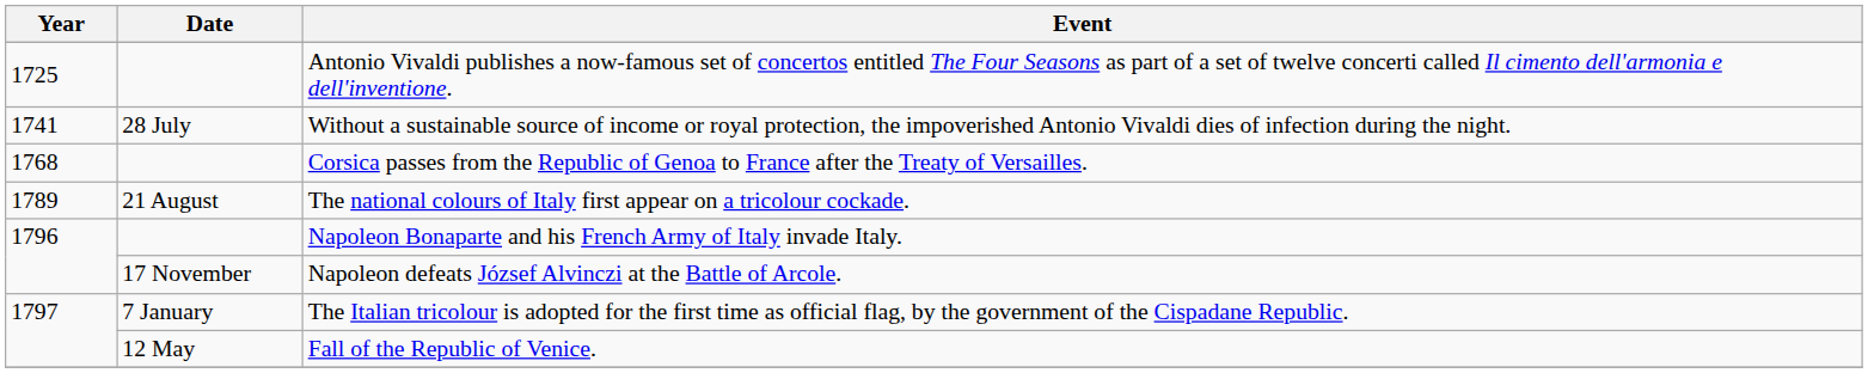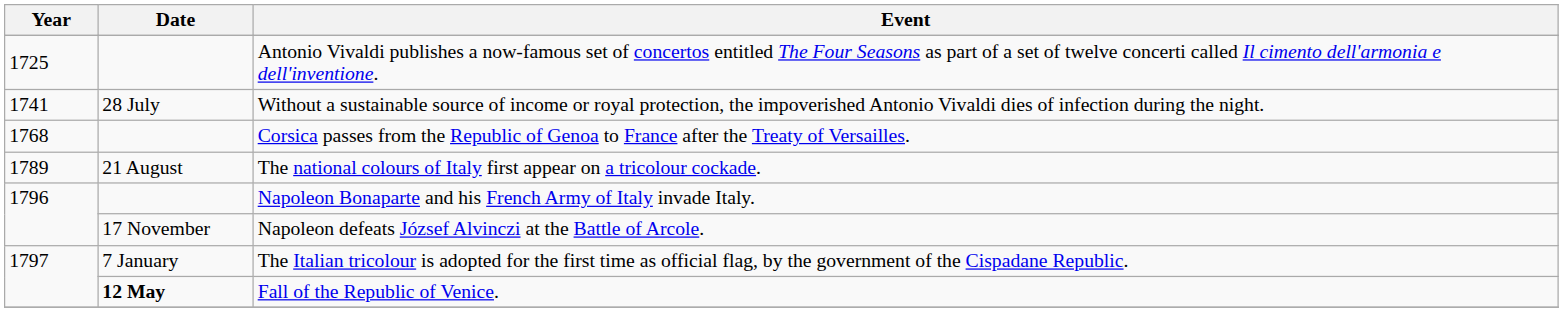 <table class="wikitable" width="100%">
 <tr>
 <th style="width:6%">Year</th>
 <th style="width:10%">Date</th>
 <th>Event</th>
 </tr>
 <tr>
 </tr>
 <tr>
 <td>1725</td>
 <td></td>
 <td>Antonio Vivaldi publishes a now-famous set of <a href='#'>concertos</a> entitled <em><a href='#'>The Four Seasons</a></em> as part of a set of twelve concerti called <em><a href='#'>Il cimento dell'armonia e dell'inventione</a></em>.</td>
 </tr>
 <tr>
 <td>1741</td>
 <td>28 July</td>
 <td>Without a sustainable source of income or royal protection, the impoverished Antonio Vivaldi dies of infection during the night.</td>
 </tr>
 <tr>
 <td>1768</td>
 <td></td>
 <td><a href='#'>Corsica</a> passes from the <a href='#'>Republic of Genoa</a> to <a href='#'>France</a> after the <a href='#'>Treaty of Versailles</a>.</td>
 </tr>
 <tr>
 <td>1789</td>
 <td>21 August</td>
 <td>The <a href='#'>national colours of Italy</a> first appear on <a href='#'>a tricolour cockade</a>.</td>
 </tr>
 <tr>
 <td rowspan="2" valign="top">1796</td>
 <td></td>
 <td><a href='#'>Napoleon Bonaparte</a> and his <a href='#'>French Army of Italy</a> invade Italy.</td>
 </tr>
 <tr>
 <td>17 November</td>
 <td>Napoleon defeats <a href='#'>József Alvinczi</a> at the <a href='#'>Battle of Arcole</a>.</td>
 </tr>
 <tr>
 <td rowspan="2" valign="top">1797</td>
 <td>7 January</td>
 <td>The <a href='#'>Italian tricolour</a> is adopted for the first time as official flag, by the government of the <a href='#'>Cispadane Republic</a>.</td>
 </tr>
 <tr>
-<td>12 May</td>
+<td><strong>12 May</strong></td>
 <td><a href='#'>Fall of the Republic of Venice</a>.</td>
 </tr>
 <tr>
 </tr>
 </table>
